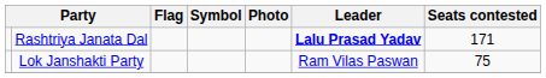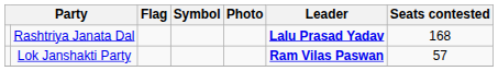 <table class="wikitable" style="text-align:center;">
 <tr>
 <th colspan="2">Party</th>
 <th>Flag</th>
 <th>Symbol</th>
 <th>Photo</th>
 <th>Leader</th>
 <th>Seats contested</th>
 </tr>
 <tr>
 <td></td>
 <td><a href='#'>Rashtriya Janata Dal</a></td>
 <td></td>
 <td></td>
 <td></td>
 <td><strong><a href='#'>Lalu Prasad Yadav</a></strong></td>
-<td>171</td>
+<td>168</td>
 </tr>
 <tr>
 <td></td>
 <td><a href='#'>Lok Janshakti Party</a></td>
 <td></td>
 <td></td>
 <td></td>
-<td><a href='#'>Ram Vilas Paswan</a></td>
-<td>75</td>
+<td><strong><a href='#'>Ram Vilas Paswan</a></strong></td>
+<td>57</td>
 </tr>
 <tr>
 </tr>
 </table>
